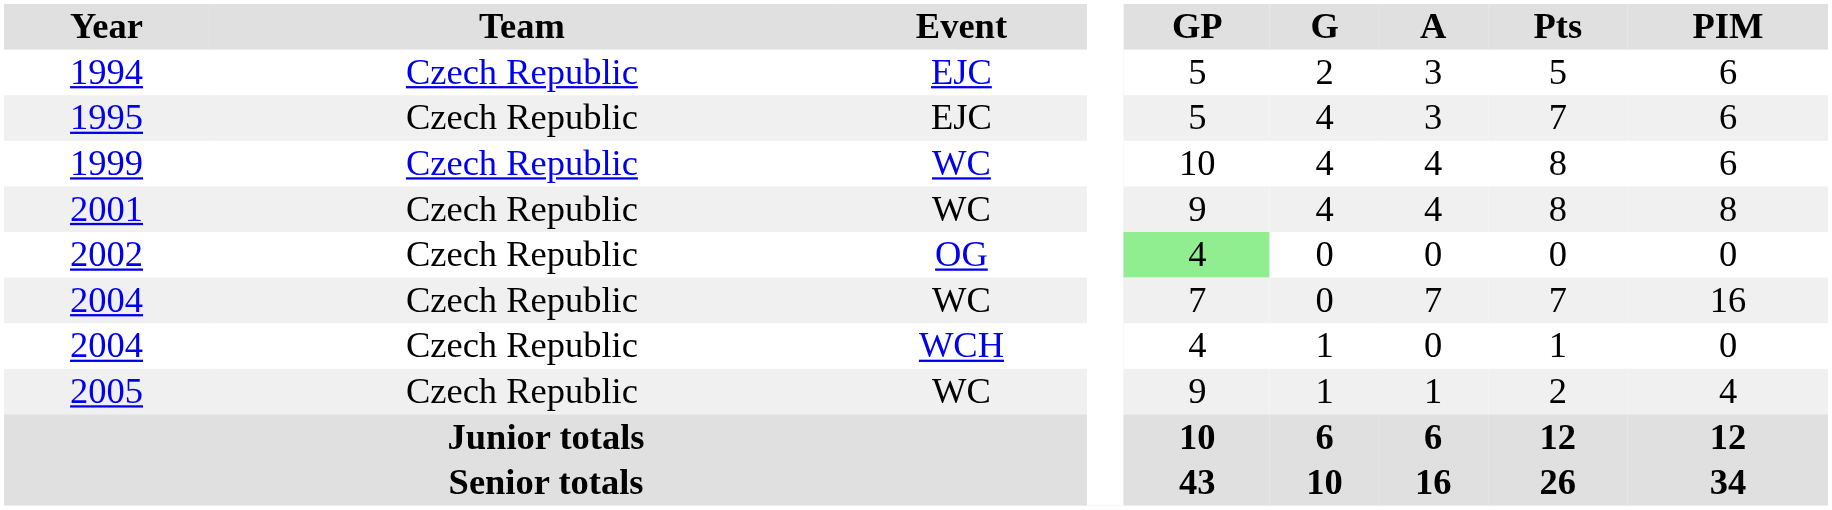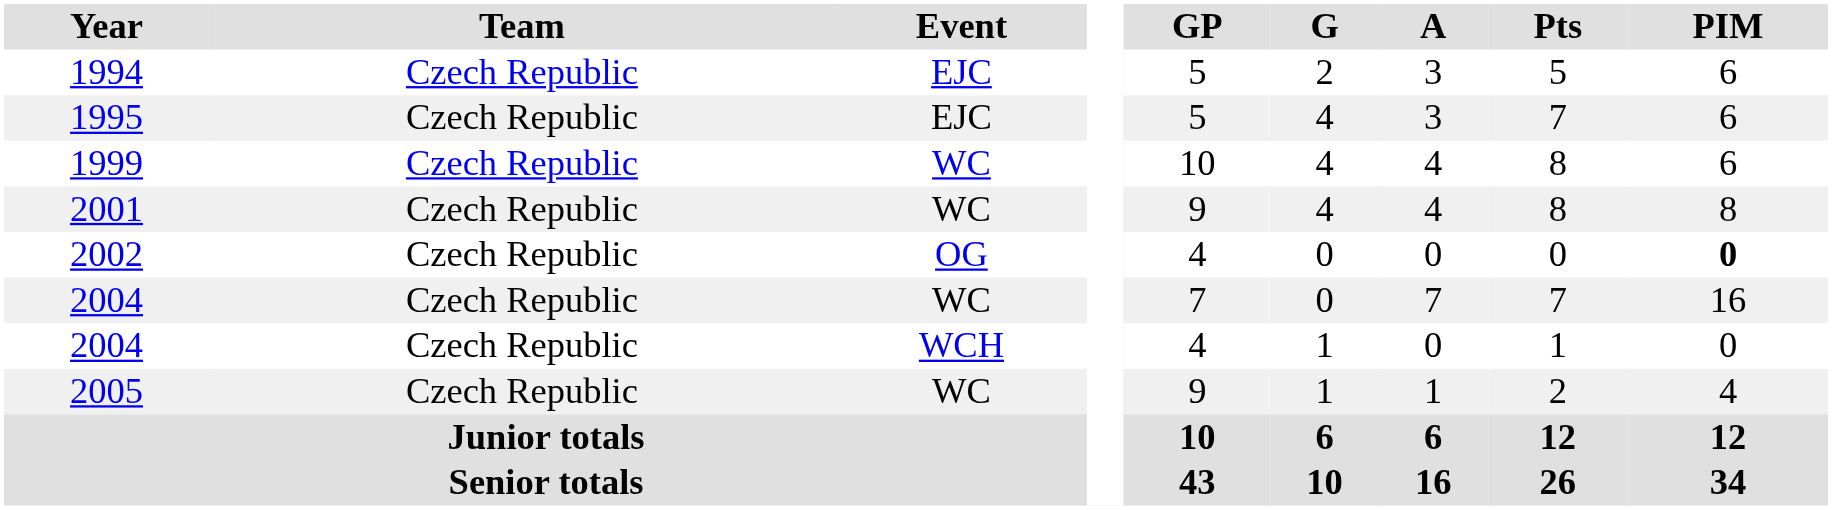 <table border="0" cellpadding="1" cellspacing="0" style="text-align:center; width:50em">
 <tr ALIGN="center" bgcolor="#e0e0e0">
 <th>Year</th>
 <th>Team</th>
 <th>Event</th>
 <th ALIGN="center" rowspan="99" bgcolor="#ffffff"> </th>
 <th>GP</th>
 <th>G</th>
 <th>A</th>
 <th>Pts</th>
 <th>PIM</th>
 </tr>
 <tr>
 <td><a href='#'>1994</a></td>
 <td><a href='#'>Czech Republic</a></td>
 <td><a href='#'>EJC</a></td>
 <td>5</td>
 <td>2</td>
 <td>3</td>
 <td>5</td>
 <td>6</td>
 </tr>
 <tr bgcolor="#f0f0f0">
 <td><a href='#'>1995</a></td>
 <td>Czech Republic</td>
 <td>EJC</td>
 <td>5</td>
 <td>4</td>
 <td>3</td>
 <td>7</td>
 <td>6</td>
 </tr>
 <tr>
 <td><a href='#'>1999</a></td>
 <td><a href='#'>Czech Republic</a></td>
 <td><a href='#'>WC</a></td>
 <td>10</td>
 <td>4</td>
 <td>4</td>
 <td>8</td>
 <td>6</td>
 </tr>
 <tr bgcolor="#f0f0f0">
 <td><a href='#'>2001</a></td>
 <td>Czech Republic</td>
 <td>WC</td>
 <td>9</td>
 <td>4</td>
 <td>4</td>
 <td>8</td>
 <td>8</td>
 </tr>
 <tr>
 <td><a href='#'>2002</a></td>
 <td>Czech Republic</td>
 <td><a href='#'>OG</a></td>
-<td style="background: lightgreen;">4</td>
+<td>4</td>
 <td>0</td>
 <td>0</td>
 <td>0</td>
-<td>0</td>
+<td><strong>0</strong></td>
 </tr>
 <tr bgcolor="#f0f0f0">
 <td><a href='#'>2004</a></td>
 <td>Czech Republic</td>
 <td>WC</td>
 <td>7</td>
 <td>0</td>
 <td>7</td>
 <td>7</td>
 <td>16</td>
 </tr>
 <tr>
 <td><a href='#'>2004</a></td>
 <td>Czech Republic</td>
 <td><a href='#'>WCH</a></td>
 <td>4</td>
 <td>1</td>
 <td>0</td>
 <td>1</td>
 <td>0</td>
 </tr>
 <tr bgcolor="#f0f0f0">
 <td><a href='#'>2005</a></td>
 <td>Czech Republic</td>
 <td>WC</td>
 <td>9</td>
 <td>1</td>
 <td>1</td>
 <td>2</td>
 <td>4</td>
 </tr>
 <tr bgcolor="#e0e0e0">
 <th colspan="3">Junior totals</th>
 <th>10</th>
 <th>6</th>
 <th>6</th>
 <th>12</th>
 <th>12</th>
 </tr>
 <tr bgcolor="#e0e0e0">
 <th colspan="3">Senior totals</th>
 <th>43</th>
 <th>10</th>
 <th>16</th>
 <th>26</th>
 <th>34</th>
 </tr>
 </table>
